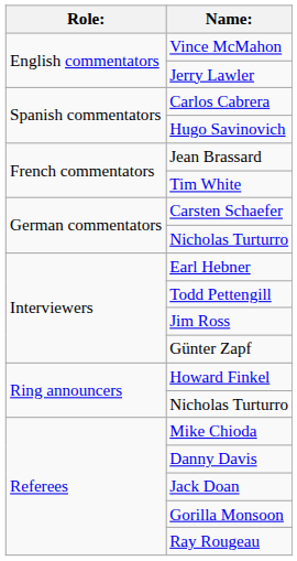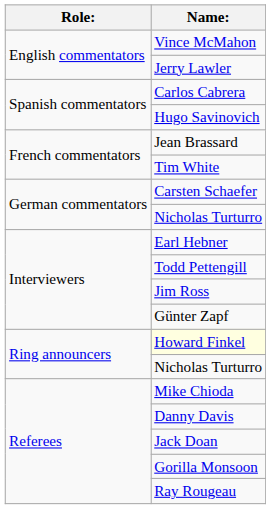 <table class=wikitable style="font-size:90%; margin: 0.5em 0 0.5em 1em; float: right; clear: right;">
 <tr>
 <th>Role:</th>
 <th>Name:</th>
 </tr>
 <tr>
 <td rowspan="2">English <a href='#'>commentators</a></td>
 <td><a href='#'>Vince McMahon</a></td>
 </tr>
 <tr>
 <td><a href='#'>Jerry Lawler</a></td>
 </tr>
 <tr>
 <td rowspan="2">Spanish commentators</td>
 <td><a href='#'>Carlos Cabrera</a></td>
 </tr>
 <tr>
 <td><a href='#'>Hugo Savinovich</a></td>
 </tr>
 <tr>
 <td rowspan="2">French commentators</td>
 <td>Jean Brassard</td>
 </tr>
 <tr>
 <td><a href='#'>Tim White</a></td>
 </tr>
 <tr>
 <td rowspan="2">German commentators</td>
 <td><a href='#'>Carsten Schaefer</a></td>
 </tr>
 <tr>
 <td><a href='#'>Nicholas Turturro</a></td>
 </tr>
 <tr>
 <td rowspan="4">Interviewers</td>
 <td><a href='#'>Earl Hebner</a></td>
 </tr>
 <tr>
 <td><a href='#'>Todd Pettengill</a></td>
 </tr>
 <tr>
 <td><a href='#'>Jim Ross</a></td>
 </tr>
 <tr>
 <td>Günter Zapf</td>
 </tr>
 <tr>
 <td rowspan="2"><a href='#'>Ring announcers</a></td>
-<td><a href='#'>Howard Finkel</a></td>
+<td style="background: lightyellow;"><a href='#'>Howard Finkel</a></td>
 </tr>
 <tr>
 <td>Nicholas Turturro </td>
 </tr>
 <tr>
 <td rowspan="5"><a href='#'>Referees</a></td>
 <td><a href='#'>Mike Chioda</a></td>
 </tr>
 <tr>
 <td><a href='#'>Danny Davis</a></td>
 </tr>
 <tr>
 <td><a href='#'>Jack Doan</a></td>
 </tr>
 <tr>
 <td><a href='#'>Gorilla Monsoon</a> </td>
 </tr>
 <tr>
 <td><a href='#'>Ray Rougeau</a></td>
 </tr>
 </table>
